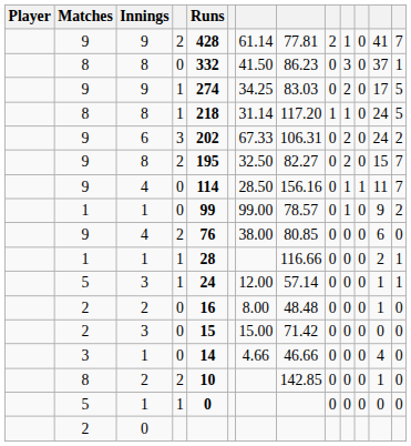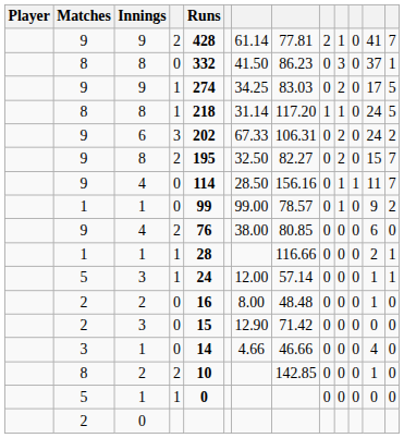 <table class="wikitable sortable" style="text-align:center">
 <tr>
 <th>Player</th>
 <th>Matches</th>
 <th>Innings</th>
 <th></th>
 <th>Runs</th>
 <th></th>
 <th></th>
 <th></th>
 <th></th>
 <th></th>
 <th></th>
 <th></th>
 <th></th>
 </tr>
 <tr>
 <td align="left"></td>
 <td>9</td>
 <td>9</td>
 <td>2</td>
 <td><strong>428</strong></td>
 <td></td>
 <td>61.14</td>
 <td>77.81</td>
 <td>2</td>
 <td>1</td>
 <td>0</td>
 <td>41</td>
 <td>7</td>
 </tr>
 <tr>
 <td align="left"></td>
 <td>8</td>
 <td>8</td>
 <td>0</td>
 <td><strong>332</strong></td>
 <td></td>
 <td>41.50</td>
 <td>86.23</td>
 <td>0</td>
 <td>3</td>
 <td>0</td>
 <td>37</td>
 <td>1</td>
 </tr>
 <tr>
 <td align="left"></td>
 <td>9</td>
 <td>9</td>
 <td>1</td>
 <td><strong>274</strong></td>
 <td></td>
 <td>34.25</td>
 <td>83.03</td>
 <td>0</td>
 <td>2</td>
 <td>0</td>
 <td>17</td>
 <td>5</td>
 </tr>
 <tr>
 <td align="left"></td>
 <td>8</td>
 <td>8</td>
 <td>1</td>
 <td><strong>218</strong></td>
 <td></td>
 <td>31.14</td>
 <td>117.20</td>
 <td>1</td>
 <td>1</td>
 <td>0</td>
 <td>24</td>
 <td>5</td>
 </tr>
 <tr>
 <td align="left"></td>
 <td>9</td>
 <td>6</td>
 <td>3</td>
 <td><strong>202</strong></td>
 <td></td>
 <td>67.33</td>
 <td>106.31</td>
 <td>0</td>
 <td>2</td>
 <td>0</td>
 <td>24</td>
 <td>2</td>
 </tr>
 <tr>
 <td align="left"></td>
 <td>9</td>
 <td>8</td>
 <td>2</td>
 <td><strong>195</strong></td>
 <td></td>
 <td>32.50</td>
 <td>82.27</td>
 <td>0</td>
 <td>2</td>
 <td>0</td>
 <td>15</td>
 <td>7</td>
 </tr>
 <tr>
 <td align="left"></td>
 <td>9</td>
 <td>4</td>
 <td>0</td>
 <td><strong>114</strong></td>
 <td></td>
 <td>28.50</td>
 <td>156.16</td>
 <td>0</td>
 <td>1</td>
 <td>1</td>
 <td>11</td>
 <td>7</td>
 </tr>
 <tr>
 <td align="left"></td>
 <td>1</td>
 <td>1</td>
 <td>0</td>
 <td><strong>99</strong></td>
 <td></td>
 <td>99.00</td>
 <td>78.57</td>
 <td>0</td>
 <td>1</td>
 <td>0</td>
 <td>9</td>
 <td>2</td>
 </tr>
 <tr>
 <td align="left"></td>
 <td>9</td>
 <td>4</td>
 <td>2</td>
 <td><strong>76</strong></td>
 <td></td>
 <td>38.00</td>
 <td>80.85</td>
 <td>0</td>
 <td>0</td>
 <td>0</td>
 <td>6</td>
 <td>0</td>
 </tr>
 <tr>
 <td align="left"></td>
 <td>1</td>
 <td>1</td>
 <td>1</td>
 <td><strong>28</strong></td>
 <td></td>
 <td></td>
 <td>116.66</td>
 <td>0</td>
 <td>0</td>
 <td>0</td>
 <td>2</td>
 <td>1</td>
 </tr>
 <tr>
 <td align="left"></td>
 <td>5</td>
 <td>3</td>
 <td>1</td>
 <td><strong>24</strong></td>
 <td></td>
 <td>12.00</td>
 <td>57.14</td>
 <td>0</td>
 <td>0</td>
 <td>0</td>
 <td>1</td>
 <td>1</td>
 </tr>
 <tr>
 <td align="left"></td>
 <td>2</td>
 <td>2</td>
 <td>0</td>
 <td><strong>16</strong></td>
 <td></td>
 <td>8.00</td>
 <td>48.48</td>
 <td>0</td>
 <td>0</td>
 <td>0</td>
 <td>1</td>
 <td>0</td>
 </tr>
 <tr>
 <td align="left"></td>
 <td>2</td>
 <td>3</td>
 <td>0</td>
 <td><strong>15</strong></td>
 <td></td>
-<td>15.00</td>
+<td>12.90</td>
 <td>71.42</td>
 <td>0</td>
 <td>0</td>
 <td>0</td>
 <td>0</td>
 <td>0</td>
 </tr>
 <tr>
 <td align="left"></td>
 <td>3</td>
 <td>1</td>
 <td>0</td>
 <td><strong>14</strong></td>
 <td></td>
 <td>4.66</td>
 <td>46.66</td>
 <td>0</td>
 <td>0</td>
 <td>0</td>
 <td>4</td>
 <td>0</td>
 </tr>
 <tr>
 <td align="left"></td>
 <td>8</td>
 <td>2</td>
 <td>2</td>
 <td><strong>10</strong></td>
 <td></td>
 <td></td>
 <td>142.85</td>
 <td>0</td>
 <td>0</td>
 <td>0</td>
 <td>1</td>
 <td>0</td>
 </tr>
 <tr>
 <td align="left"></td>
 <td>5</td>
 <td>1</td>
 <td>1</td>
 <td><strong>0</strong></td>
 <td></td>
 <td></td>
 <td></td>
 <td>0</td>
 <td>0</td>
 <td>0</td>
 <td>0</td>
 <td>0</td>
 </tr>
 <tr>
 <td align="left"></td>
 <td>2</td>
 <td>0</td>
 <td></td>
 <td><strong></strong></td>
 <td></td>
 <td></td>
 <td></td>
 <td></td>
 <td></td>
 <td></td>
 <td></td>
 <td></td>
 </tr>
 </table>
